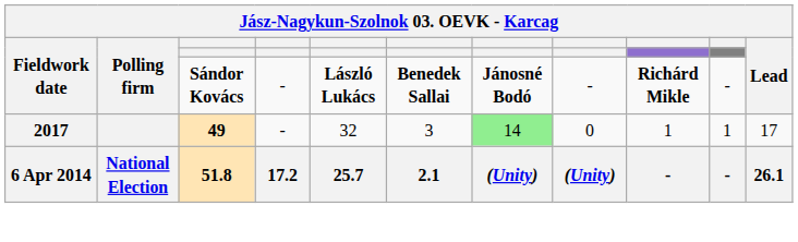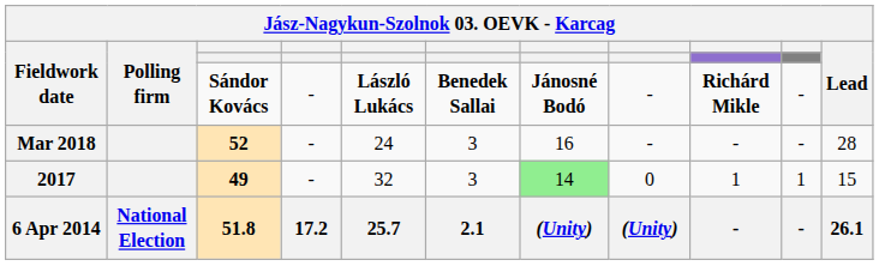 <table class="wikitable mw-collapsible mw-collapsed" style="text-align:center">
 <tr>
 <th colspan="11" style="width: 980pt;"><small><a href='#'>Jász-Nagykun-Szolnok</a> 03. OEVK - <a href='#'>Karcag</a></small></th>
 </tr>
 <tr>
 <th rowspan="3" style="width: 80pt;"><small>Fieldwork</small> <small>date</small></th>
 <th rowspan="3" style="width: 80pt;"><strong><small>Polling</small> <small>firm</small></strong></th>
 <th style="width: 100pt;"><small></small></th>
 <th style="width: 100pt;"><small> </small></th>
 <th style="width: 100pt;"></th>
 <th style="width: 100pt;"></th>
 <th style="width: 100pt;"></th>
 <th style="width: 100pt;"></th>
 <th style="width: 100pt;"></th>
 <th style="width: 100pt;"></th>
 <th rowspan="3" style="width: 20pt;"><small>Lead</small></th>
 </tr>
 <tr>
 <th style="color:inherit;background:"></th>
 <th style="color:inherit;background:"></th>
 <th style="color:inherit;background:"></th>
 <th style="color:inherit;background:"></th>
 <th style="color:inherit;background:"></th>
 <th style="color:inherit;background:"></th>
 <th style="color:inherit;background:#8E6FCE;"></th>
 <th style="color:inherit;background:#808080;"></th>
 </tr>
 <tr>
 <td><small><strong>Sándor Kovács</strong></small></td>
 <td><small>-</small></td>
 <td><small><strong>László Lukács</strong></small></td>
 <td><small><strong>Benedek Sallai</strong></small></td>
 <td><small><strong>Jánosné Bodó</strong></small></td>
 <td><small>-</small></td>
 <td><small><strong>Richárd Mikle</strong></small></td>
 <td><small>-</small></td>
 </tr>
 <tr>
+<th><small>Mar 2018</small></th>
+<th><small></small></th>
+<td style="background:#FFE5B4"><small><strong>52</strong></small></td>
+<td><small>-</small></td>
+<td><small>24</small></td>
+<td><small>3</small></td>
+<td><small>16</small></td>
+<td><small>-</small></td>
+<td><small>-</small></td>
+<td><small>-</small></td>
+<td style="background:"><small>28</small></td>
+</tr>
+<tr>
 <th><small>2017</small></th>
 <th><small></small></th>
 <td style="background:#FFE5B4"><small><strong>49</strong></small></td>
 <td><small>-</small></td>
 <td><small>32</small></td>
 <td><small>3</small></td>
 <td style="background: lightgreen;"><small>14</small></td>
 <td><small>0</small></td>
 <td><small>1</small></td>
 <td><small>1</small></td>
-<td style="background:"><small>17</small></td>
+<td style="background:"><small>15</small></td>
 </tr>
 <tr>
 <th><small>6 Apr 2014</small></th>
 <th><a href='#'><small>National Election</small></a></th>
 <th style="background:#FFE5B4"><small><strong>51.8</strong></small></th>
 <th><small>17.2</small></th>
 <th><small>25.7</small></th>
 <th><small>2.1</small></th>
 <th><small><em>(<a href='#'>Unity</a>)</em></small></th>
 <th><small><em>(<a href='#'>Unity</a>)</em></small></th>
 <th><small>-</small></th>
 <th><small>-</small></th>
 <th style="background:"><small>26.1</small></th>
 </tr>
 </table>
